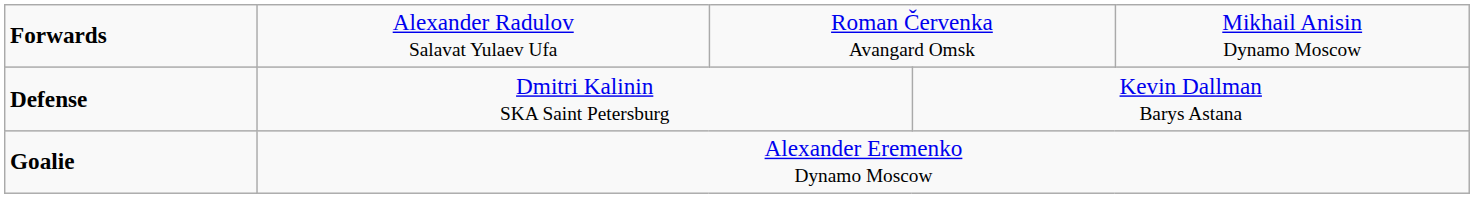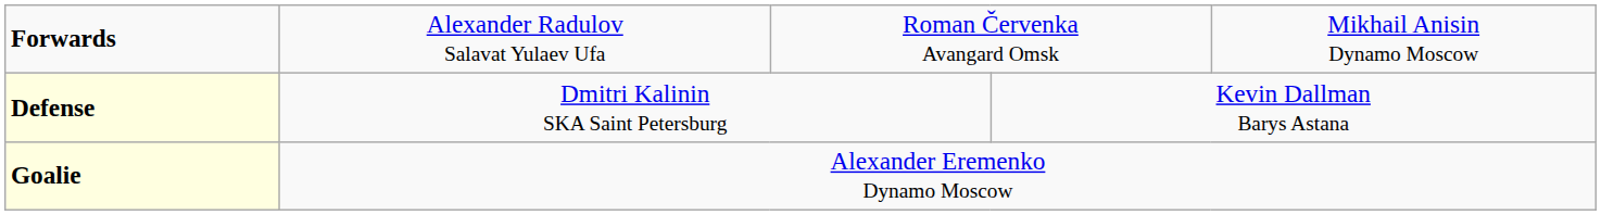 <table class="wikitable" width ="80%">
 <tr>
 <td><strong>Forwards</strong></td>
 <td align="center" colspan=2> <a href='#'>Alexander Radulov</a><br><small>Salavat Yulaev Ufa</small></td>
 <td align="center" colspan=2> <a href='#'>Roman Červenka</a><br><small>Avangard Omsk</small></td>
 <td align="center" colspan=2> <a href='#'>Mikhail Anisin</a><br><small>Dynamo Moscow</small></td>
 </tr>
 <tr>
-<td><strong>Defense</strong></td>
+<td style="background: lightyellow;"><strong>Defense</strong></td>
 <td align="center" colspan=3> <a href='#'>Dmitri Kalinin</a><br><small>SKA Saint Petersburg</small></td>
 <td align="center" colspan=3> <a href='#'>Kevin Dallman</a><br><small>Barys Astana</small></td>
 </tr>
 <tr>
-<td><strong>Goalie</strong></td>
+<td style="background: lightyellow;"><strong>Goalie</strong></td>
 <td align="center" colspan=6> <a href='#'>Alexander Eremenko</a><br><small>Dynamo Moscow</small></td>
 </tr>
 </table>
